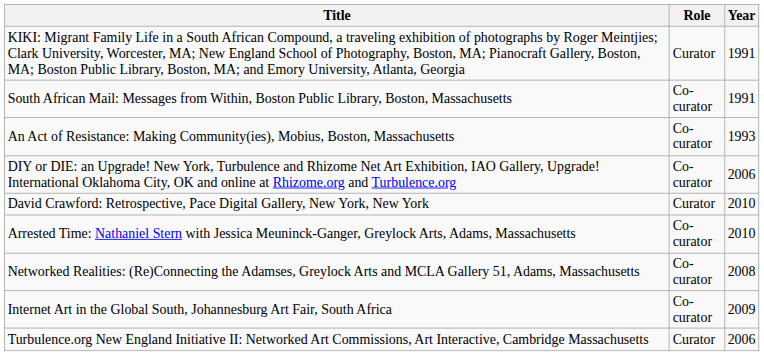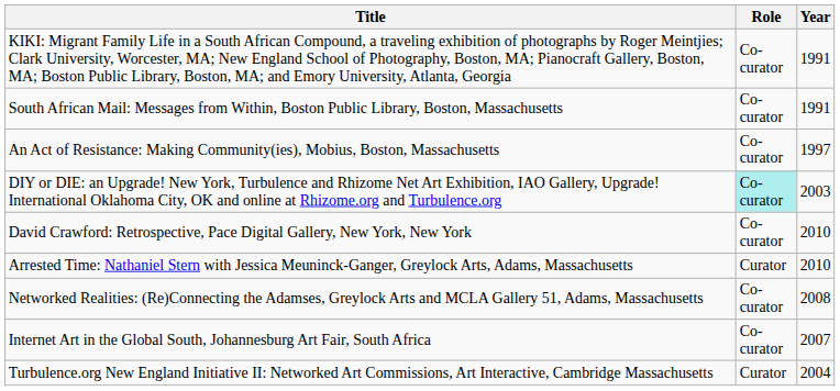 <table class="wikitable">
 <tr>
 <th>Title</th>
 <th>Role</th>
 <th>Year</th>
 </tr>
 <tr>
 <td>KIKI: Migrant Family Life in a South African Compound, a traveling exhibition of photographs by Roger Meintjies; Clark University, Worcester, MA; New England School of Photography, Boston, MA; Pianocraft Gallery, Boston, MA; Boston Public Library, Boston, MA; and Emory University, Atlanta, Georgia</td>
-<td>Curator</td>
+<td>Co-curator</td>
 <td>1991</td>
 </tr>
 <tr>
 <td>South African Mail: Messages from Within, Boston Public Library, Boston, Massachusetts</td>
 <td>Co-curator</td>
 <td>1991</td>
 </tr>
 <tr>
 <td>An Act of Resistance: Making Community(ies), Mobius, Boston, Massachusetts</td>
 <td>Co-curator</td>
-<td>1993</td>
+<td>1997</td>
 </tr>
 <tr>
 <td>DIY or DIE: an Upgrade! New York, Turbulence and Rhizome Net Art Exhibition, IAO Gallery, Upgrade! International Oklahoma City, OK and online at <a href='#'>Rhizome.org</a> and <a href='#'>Turbulence.org</a></td>
-<td>Co-curator</td>
-<td>2006</td>
+<td style="background: paleturquoise;">Co-curator</td>
+<td>2003</td>
 </tr>
 <tr>
 <td>David Crawford: Retrospective, Pace Digital Gallery, New York, New York</td>
-<td>Curator</td>
+<td>Co-curator</td>
 <td>2010</td>
 </tr>
 <tr>
 <td>Arrested Time: <a href='#'>Nathaniel Stern</a> with Jessica Meuninck-Ganger, Greylock Arts, Adams, Massachusetts</td>
-<td>Co-curator</td>
+<td>Curator</td>
 <td>2010</td>
 </tr>
 <tr>
 <td>Networked Realities: (Re)Connecting the Adamses, Greylock Arts and MCLA Gallery 51, Adams, Massachusetts</td>
 <td>Co-curator</td>
 <td>2008</td>
 </tr>
 <tr>
 <td>Internet Art in the Global South, Johannesburg Art Fair, South Africa</td>
 <td>Co-curator</td>
-<td>2009</td>
+<td>2007</td>
 </tr>
 <tr>
 <td>Turbulence.org New England Initiative II: Networked Art Commissions, Art Interactive, Cambridge Massachusetts</td>
 <td>Curator</td>
-<td>2006</td>
+<td>2004</td>
 </tr>
 </table>
